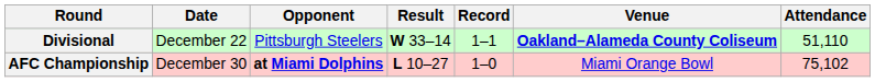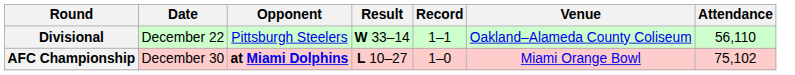 <table class="wikitable" style="text-align:center">
 <tr>
 <th>Round</th>
 <th>Date</th>
 <th>Opponent</th>
 <th>Result</th>
 <th>Record</th>
 <th>Venue</th>
 <th>Attendance</th>
 </tr>
 <tr style="background:#cfc">
 <th>Divisional</th>
 <td>December 22</td>
 <td><a href='#'>Pittsburgh Steelers</a></td>
 <td><strong>W</strong> 33–14</td>
 <td>1–1</td>
-<td><strong><a href='#'>Oakland–Alameda County Coliseum</a></strong></td>
-<td>51,110</td>
+<td><a href='#'>Oakland–Alameda County Coliseum</a></td>
+<td>56,110</td>
 </tr>
 <tr style="background:#fcc">
 <th>AFC Championship</th>
 <td>December 30</td>
 <td><strong>at <a href='#'>Miami Dolphins</a></strong></td>
 <td><strong>L</strong> 10–27</td>
 <td>1–0</td>
 <td><a href='#'>Miami Orange Bowl</a></td>
 <td>75,102</td>
 </tr>
 </table>
